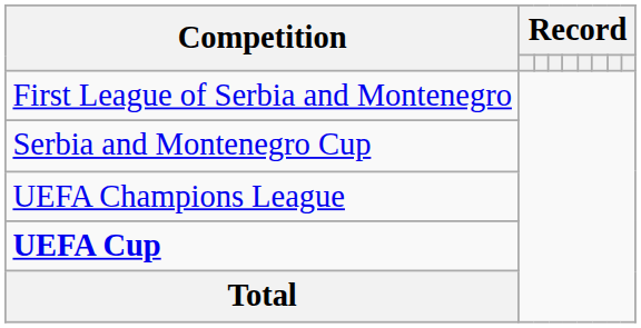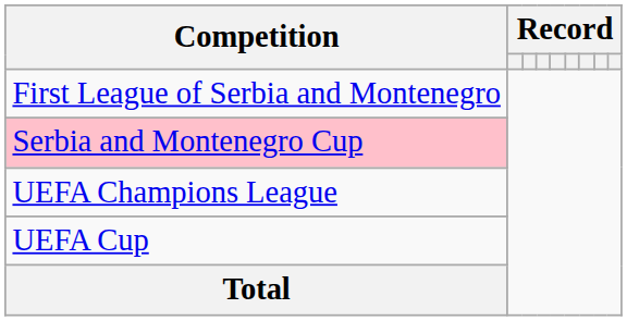 <table class="wikitable" style="text-align: left">
 <tr>
 <th rowspan=2>Competition</th>
 <th colspan=8>Record</th>
 </tr>
 <tr>
 <th></th>
 <th></th>
 <th></th>
 <th></th>
 <th></th>
 <th></th>
 <th></th>
 <th></th>
 </tr>
 <tr>
 <td><a href='#'>First League of Serbia and Montenegro</a><br></td>
 </tr>
 <tr>
-<td><a href='#'>Serbia and Montenegro Cup</a><br></td>
+<td style="background: pink;"><a href='#'>Serbia and Montenegro Cup</a><br></td>
 </tr>
 <tr>
 <td><a href='#'>UEFA Champions League</a><br></td>
 </tr>
 <tr>
-<td><strong><a href='#'>UEFA Cup</a><br></strong></td>
+<td><a href='#'>UEFA Cup</a><br></td>
 </tr>
 <tr>
 <th>Total<br></th>
 </tr>
 </table>
